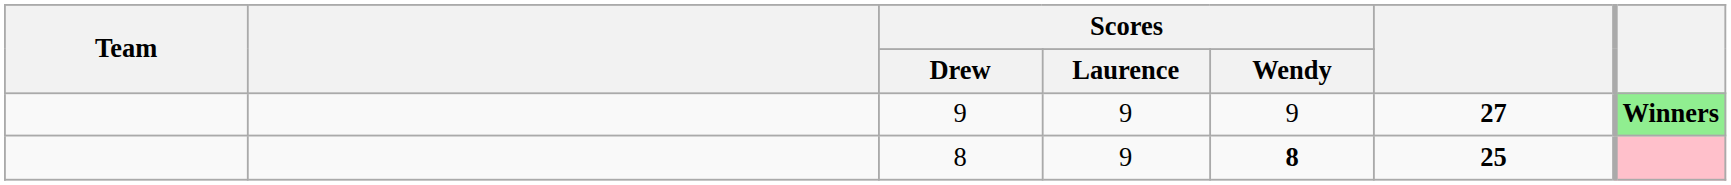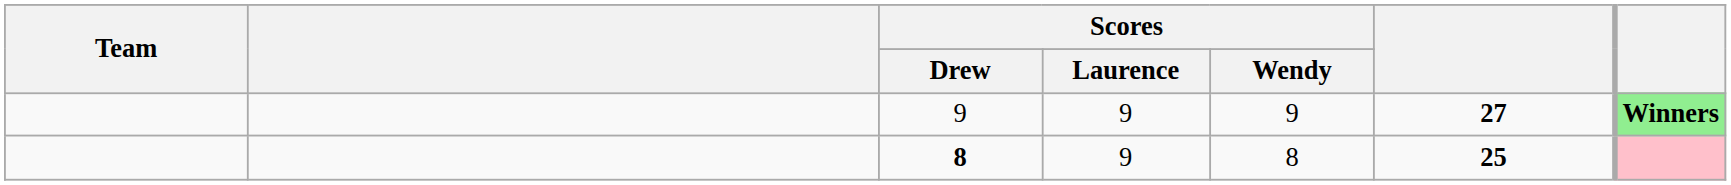 <table class="wikitable plainrowheaders" style="text-align:center; font-size:90%; width:65em;">
 <tr>
 <th rowspan="2">Team</th>
 <th rowspan="2" style="width:40%;"></th>
 <th colspan="3" style="width:30%;">Scores</th>
 <th rowspan="2" style="width:15%;"></th>
 <th rowspan="2" style="width:15%; border-left:3px solid #aaa;"></th>
 </tr>
 <tr>
 <th style="width:10%;">Drew</th>
 <th style="width:10%;">Laurence</th>
 <th style="width:10%;">Wendy</th>
 </tr>
 <tr>
 <td style="width:15%;"></td>
 <td></td>
 <td>9</td>
 <td>9</td>
 <td>9</td>
 <td><strong>27</strong></td>
 <td style="border-left:3px solid #aaa;" bgcolor="lightgreen"><strong>Winners</strong></td>
 </tr>
 <tr>
 <td style="width:15%;"></td>
 <td></td>
+<td><strong>8</strong></td>
+<td>9</td>
 <td>8</td>
-<td>9</td>
-<td><strong>8</strong></td>
 <td><strong>25</strong></td>
 <td style="border-left:3px solid #aaa;" bgcolor="pink"></td>
 </tr>
 </table>
